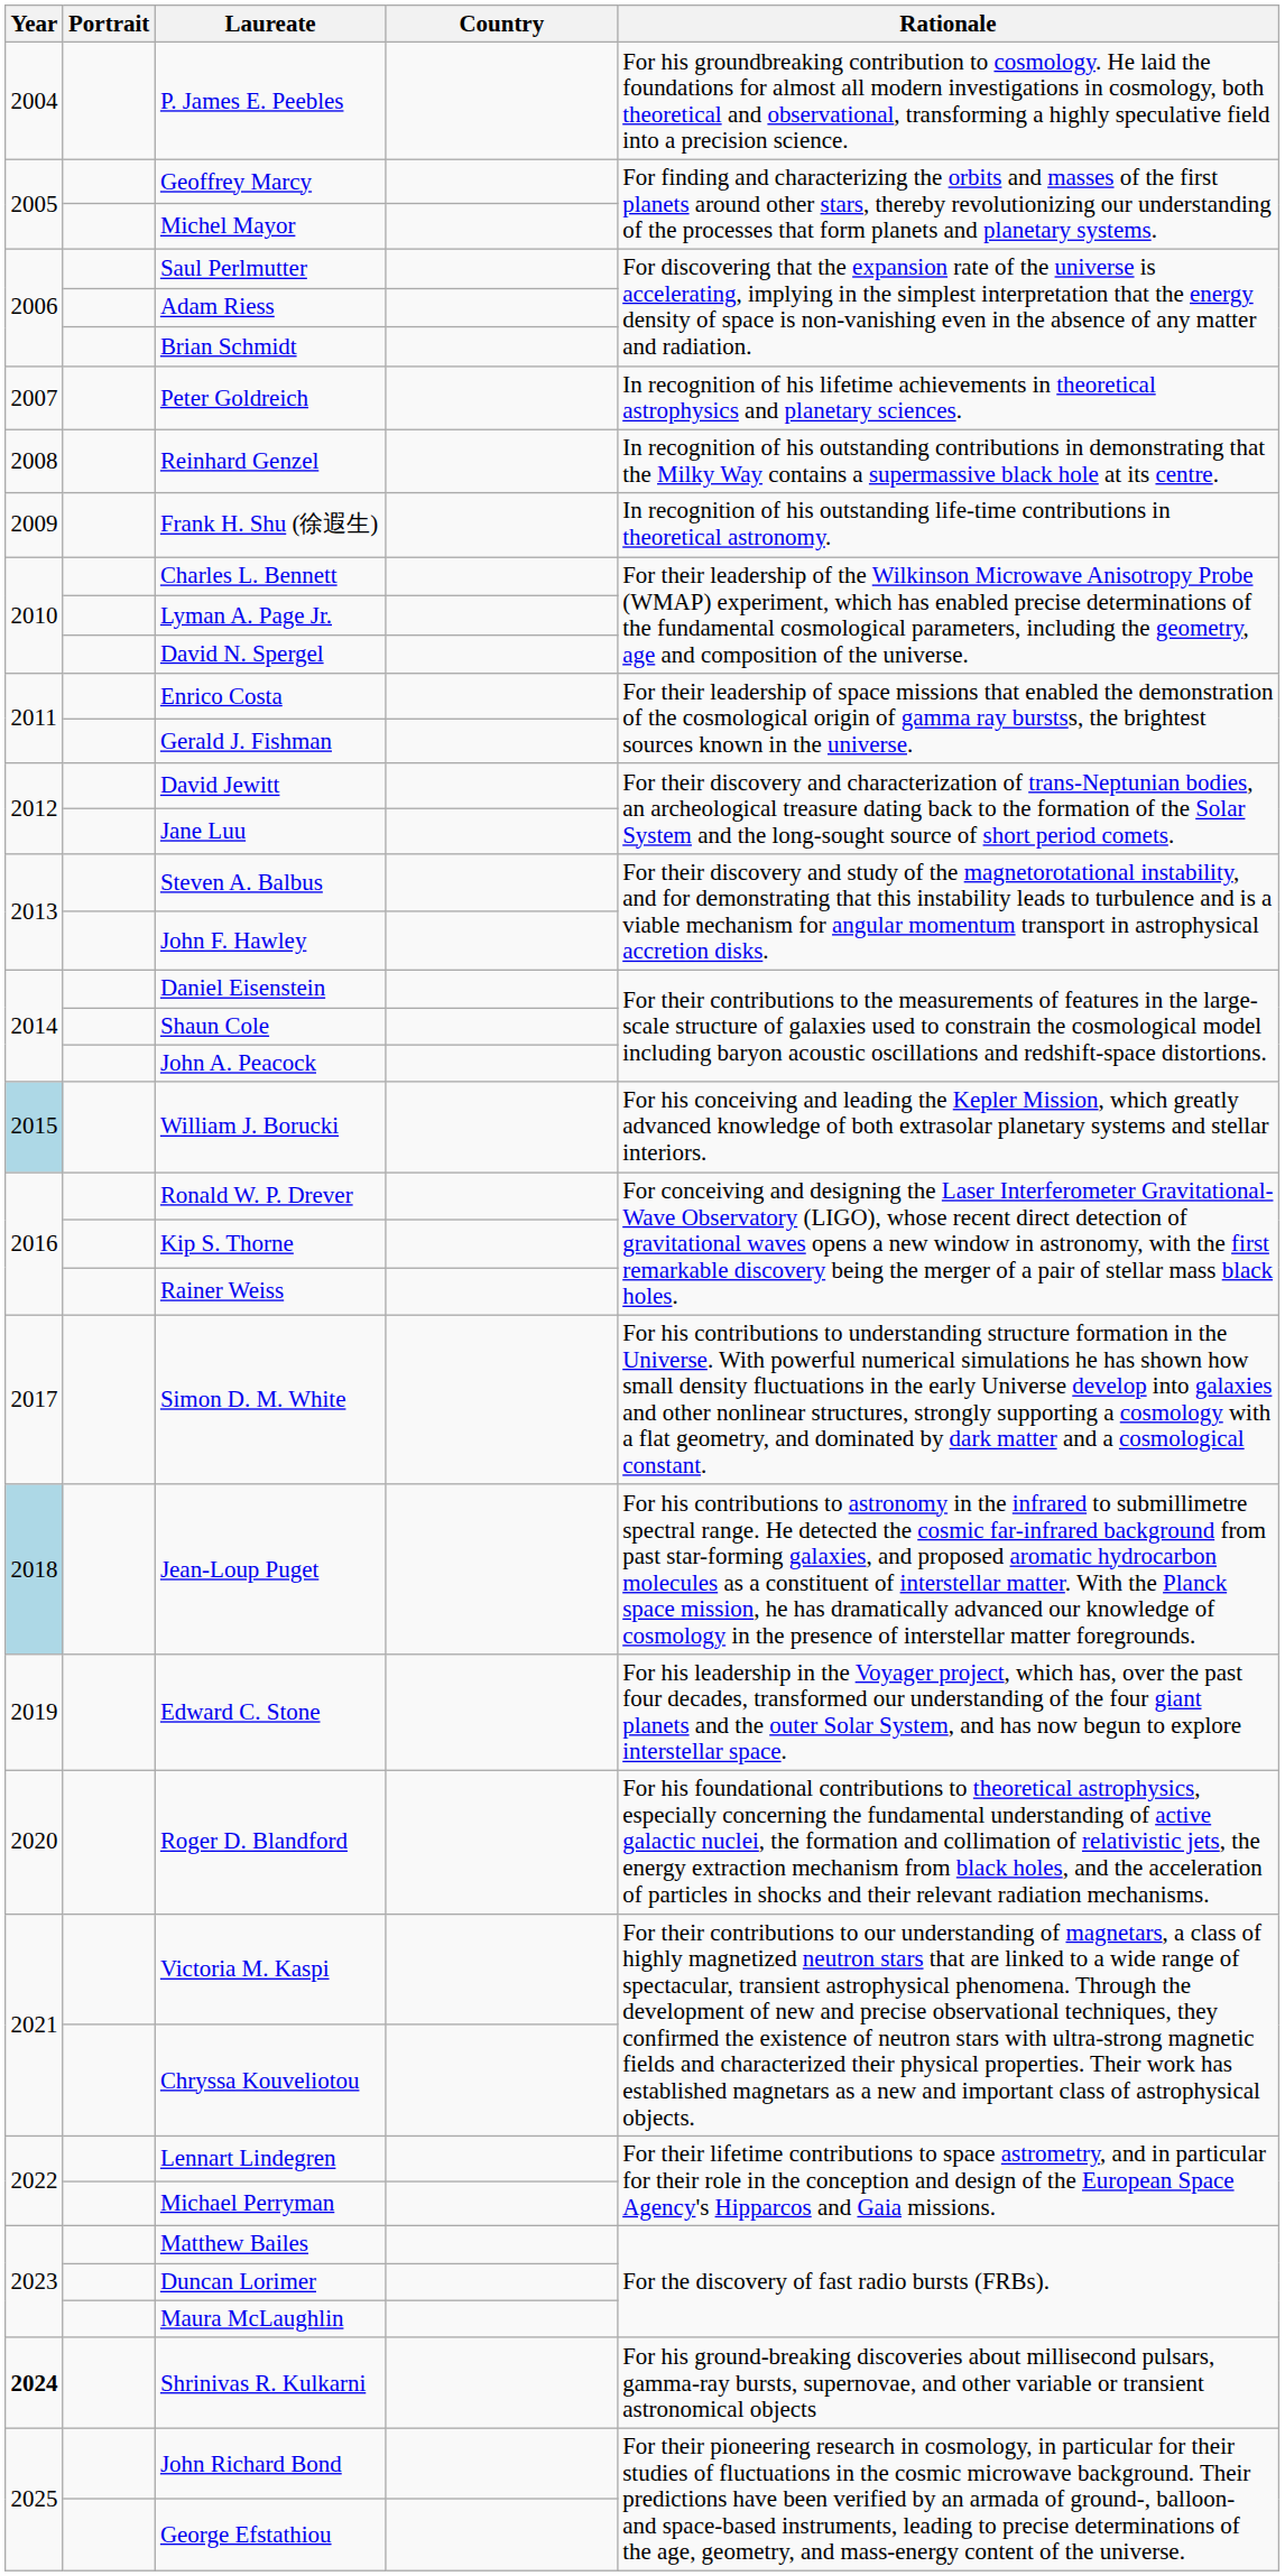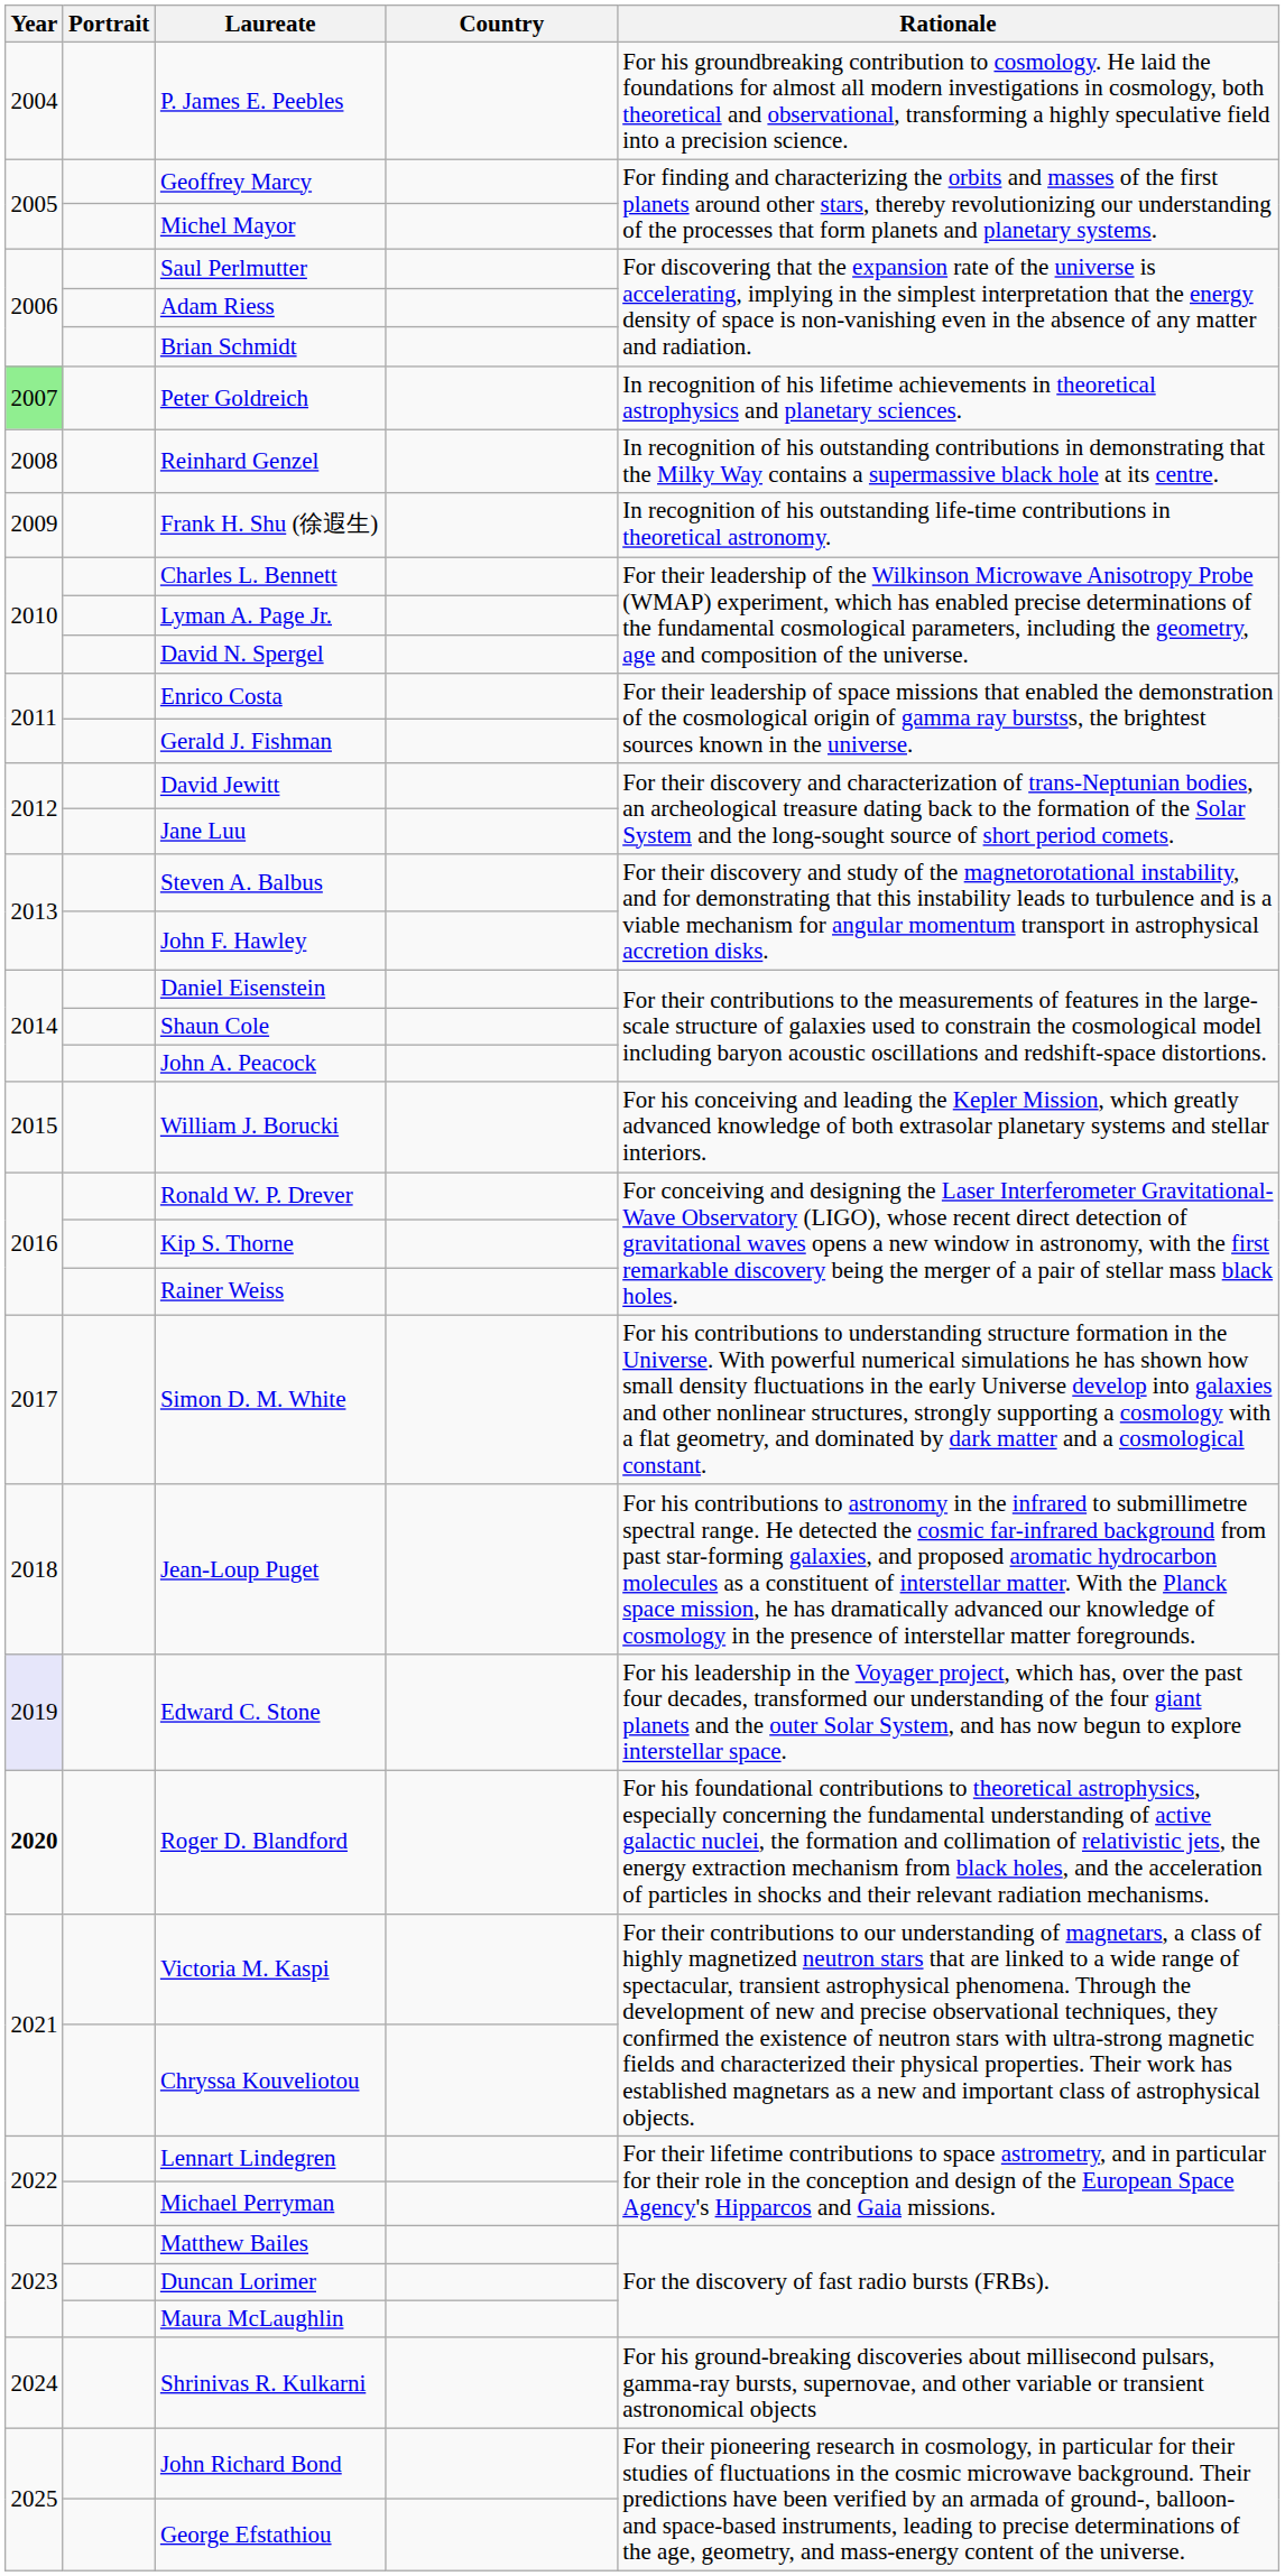 <table class="wikitable sortable">
 <tr>
 <th>Year</th>
 <th class="unsortable">Portrait</th>
 <th style="width:150px">Laureate</th>
 <th style="width:150px">Country</th>
 <th class="unsortable">Rationale</th>
 </tr>
 <tr>
 <td>2004</td>
 <td></td>
 <td data-sort-value="Peebles"><a href='#'>P. James E. Peebles</a></td>
 <td></td>
 <td>For his groundbreaking contribution to <a href='#'>cosmology</a>. He laid the foundations for almost all modern investigations in cosmology, both <a href='#'>theoretical</a> and <a href='#'>observational</a>, transforming a highly speculative field into a precision science.</td>
 </tr>
 <tr>
 <td rowspan=2>2005</td>
 <td></td>
 <td data-sort-value="Marcy"><a href='#'>Geoffrey Marcy</a></td>
 <td></td>
 <td rowspan=2>For finding and characterizing the <a href='#'>orbits</a> and <a href='#'>masses</a> of the first <a href='#'>planets</a> around other <a href='#'>stars</a>, thereby revolutionizing our understanding of the processes that form planets and <a href='#'>planetary systems</a>.</td>
 </tr>
 <tr>
 <td></td>
 <td data-sort-value="Mayor"><a href='#'>Michel Mayor</a></td>
 <td></td>
 </tr>
 <tr>
 <td rowspan=3>2006</td>
 <td></td>
 <td data-sort-value="Perlmutter"><a href='#'>Saul Perlmutter</a></td>
 <td></td>
 <td rowspan=3>For discovering that the <a href='#'>expansion</a> rate of the <a href='#'>universe</a> is <a href='#'>accelerating</a>, implying in the simplest interpretation that the <a href='#'>energy</a> density of space is non-vanishing even in the absence of any matter and radiation.</td>
 </tr>
 <tr>
 <td></td>
 <td data-sort-value="Riess"><a href='#'>Adam Riess</a></td>
 <td></td>
 </tr>
 <tr>
 <td></td>
 <td data-sort-value="Schmidt"><a href='#'>Brian Schmidt</a></td>
 <td></td>
 </tr>
 <tr>
-<td>2007</td>
+<td style="background: lightgreen;">2007</td>
 <td></td>
 <td data-sort-value="Goldreich"><a href='#'>Peter Goldreich</a></td>
 <td></td>
 <td>In recognition of his lifetime achievements in <a href='#'>theoretical astrophysics</a> and <a href='#'>planetary sciences</a>.</td>
 </tr>
 <tr>
 <td>2008</td>
 <td></td>
 <td data-sort-value="Genzel"><a href='#'>Reinhard Genzel</a></td>
 <td></td>
 <td>In recognition of his outstanding contributions in demonstrating that the <a href='#'>Milky Way</a> contains a <a href='#'>supermassive black hole</a> at its <a href='#'>centre</a>.</td>
 </tr>
 <tr>
 <td>2009</td>
 <td></td>
 <td data-sort-value="Shu"><a href='#'>Frank H. Shu</a> (徐遐生)</td>
 <td></td>
 <td>In recognition of his outstanding life-time contributions in <a href='#'>theoretical astronomy</a>.</td>
 </tr>
 <tr>
 <td rowspan=3>2010</td>
 <td></td>
 <td data-sort-value="Bennett"><a href='#'>Charles L. Bennett</a></td>
 <td></td>
 <td rowspan=3>For their leadership of the <a href='#'>Wilkinson Microwave Anisotropy Probe</a> (WMAP) experiment, which has enabled precise determinations of the fundamental cosmological parameters, including the <a href='#'>geometry</a>, <a href='#'>age</a> and composition of the universe.</td>
 </tr>
 <tr>
 <td></td>
 <td data-sort-value"Lyman"><a href='#'>Lyman A. Page Jr.</a></td>
 <td></td>
 </tr>
 <tr>
 <td></td>
 <td data-sort-value="Spergel"><a href='#'>David N. Spergel</a></td>
 <td></td>
 </tr>
 <tr>
 <td rowspan=2>2011</td>
 <td></td>
 <td data-sort-value="Costa"><a href='#'>Enrico Costa</a></td>
 <td></td>
 <td rowspan=2>For their leadership of space missions that enabled the demonstration of the cosmological origin of <a href='#'>gamma ray bursts</a>s, the brightest sources known in the <a href='#'>universe</a>.</td>
 </tr>
 <tr>
 <td></td>
 <td data-sort-value="Fishman"><a href='#'>Gerald J. Fishman</a></td>
 <td></td>
 </tr>
 <tr>
 <td rowspan=2>2012</td>
 <td></td>
 <td data-sort-value="Jewitt"><a href='#'>David Jewitt</a></td>
 <td></td>
 <td rowspan=2>For their discovery and characterization of <a href='#'>trans-Neptunian bodies</a>, an archeological treasure dating back to the formation of the <a href='#'>Solar System</a> and the long-sought source of <a href='#'>short period comets</a>.</td>
 </tr>
 <tr>
 <td></td>
 <td data-sort-value="Luu"><a href='#'>Jane Luu</a></td>
 <td></td>
 </tr>
 <tr>
 <td rowspan=2>2013</td>
 <td></td>
 <td data-sort-value="Balbus"><a href='#'>Steven A. Balbus</a></td>
 <td></td>
 <td rowspan=2>For their discovery and study of the <a href='#'>magnetorotational instability</a>, and for demonstrating that this instability leads to turbulence and is a viable mechanism for <a href='#'>angular momentum</a> transport in astrophysical <a href='#'>accretion disks</a>.</td>
 </tr>
 <tr>
 <td></td>
 <td data-sort-value="Hawley"><a href='#'>John F. Hawley</a></td>
 <td></td>
 </tr>
 <tr>
 <td rowspan=3>2014</td>
 <td></td>
 <td data-sort-value="Eisenstein"><a href='#'>Daniel Eisenstein</a></td>
 <td></td>
 <td rowspan=3>For their contributions to the measurements of features in the large-scale structure of galaxies used to constrain the cosmological model including baryon acoustic oscillations and redshift-space distortions.</td>
 </tr>
 <tr>
 <td></td>
 <td data-sort-value="Cole"><a href='#'>Shaun Cole</a></td>
 <td></td>
 </tr>
 <tr>
 <td></td>
 <td data-sort-value="Peacock"><a href='#'>John A. Peacock</a></td>
 <td></td>
 </tr>
 <tr>
-<td style="background: lightblue;">2015</td>
+<td>2015</td>
 <td></td>
 <td data-sort-name="Borucki"><a href='#'>William J. Borucki</a></td>
 <td></td>
 <td>For his conceiving and leading the <a href='#'>Kepler Mission</a>, which greatly advanced knowledge of both extrasolar planetary systems and stellar interiors.</td>
 </tr>
 <tr>
 <td rowspan=3>2016</td>
 <td></td>
 <td data-sort-value="Drever"><a href='#'>Ronald W. P. Drever</a></td>
 <td></td>
 <td rowspan=3>For conceiving and designing the <a href='#'>Laser Interferometer Gravitational-Wave Observatory</a> (LIGO), whose recent direct detection of <a href='#'>gravitational waves</a> opens a new window in astronomy, with the <a href='#'>first remarkable discovery</a> being the merger of a pair of stellar mass <a href='#'>black holes</a>.</td>
 </tr>
 <tr>
 <td></td>
 <td data-sort-value="Thorne"><a href='#'>Kip S. Thorne</a></td>
 <td></td>
 </tr>
 <tr>
 <td></td>
 <td data-sort-value="Weiss"><a href='#'>Rainer Weiss</a></td>
 <td></td>
 </tr>
 <tr>
 <td>2017</td>
 <td></td>
 <td data-sort-value="White"><a href='#'>Simon D. M. White</a></td>
 <td></td>
 <td>For his contributions to understanding structure formation in the <a href='#'>Universe</a>. With powerful numerical simulations he has shown how small density fluctuations in the early Universe <a href='#'>develop</a> into <a href='#'>galaxies</a> and other nonlinear structures, strongly supporting a <a href='#'>cosmology</a> with a flat geometry, and dominated by <a href='#'>dark matter</a> and a <a href='#'>cosmological constant</a>.</td>
 </tr>
 <tr>
-<td style="background: lightblue;">2018</td>
+<td>2018</td>
 <td></td>
 <td data-sort-value="Puget"><a href='#'>Jean-Loup Puget</a></td>
 <td></td>
 <td>For his contributions to <a href='#'>astronomy</a> in the <a href='#'>infrared</a> to submillimetre spectral range. He detected the <a href='#'>cosmic far-infrared background</a> from past star-forming <a href='#'>galaxies</a>, and proposed <a href='#'>aromatic hydrocarbon</a> <a href='#'>molecules</a> as a constituent of <a href='#'>interstellar matter</a>. With the <a href='#'>Planck space mission</a>, he has dramatically advanced our knowledge of <a href='#'>cosmology</a> in the presence of interstellar matter foregrounds.</td>
 </tr>
 <tr>
-<td>2019</td>
+<td style="background: lavender;">2019</td>
 <td></td>
 <td data-sort-value="Stone"><a href='#'>Edward C. Stone</a></td>
 <td></td>
 <td>For his leadership in the <a href='#'>Voyager project</a>, which has, over the past four decades, transformed our understanding of the four <a href='#'>giant planets</a> and the <a href='#'>outer Solar System</a>, and has now begun to explore <a href='#'>interstellar space</a>.</td>
 </tr>
 <tr>
-<td>2020</td>
+<td><strong>2020</strong></td>
 <td></td>
 <td data-sort-value="Blandford"><a href='#'>Roger D. Blandford</a></td>
 <td></td>
 <td>For his foundational contributions to <a href='#'>theoretical astrophysics</a>, especially concerning the fundamental understanding of <a href='#'>active galactic nuclei</a>, the formation and collimation of <a href='#'>relativistic jets</a>, the energy extraction mechanism from <a href='#'>black holes</a>, and the acceleration of particles in shocks and their relevant radiation mechanisms.</td>
 </tr>
 <tr>
 <td rowspan=2>2021</td>
 <td></td>
 <td data-sort-value="Kaspi"><a href='#'>Victoria M. Kaspi</a></td>
 <td></td>
 <td rowspan=2>For their contributions to our understanding of <a href='#'>magnetars</a>, a class of highly magnetized <a href='#'>neutron stars</a> that are linked to a wide range of spectacular, transient astrophysical phenomena. Through the development of new and precise observational techniques, they confirmed the existence of neutron stars with ultra-strong magnetic fields and characterized their physical properties. Their work has established magnetars as a new and important class of astrophysical objects.</td>
 </tr>
 <tr>
 <td></td>
 <td data-sort-value="Kouveliotou"><a href='#'>Chryssa Kouveliotou</a></td>
 <td></td>
 </tr>
 <tr>
 <td rowspan=2>2022</td>
 <td></td>
 <td data-sort-value="Lindegren"><a href='#'>Lennart Lindegren</a></td>
 <td></td>
 <td rowspan=2>For their lifetime contributions to space <a href='#'>astrometry</a>, and in particular for their role in the conception and design of the <a href='#'>European Space Agency</a>'s <a href='#'>Hipparcos</a> and <a href='#'>Gaia</a> missions.</td>
 </tr>
 <tr>
 <td></td>
 <td data-sort-value="Perryman"><a href='#'>Michael Perryman</a></td>
 <td></td>
 </tr>
 <tr>
 <td rowspan=3>2023</td>
 <td></td>
 <td data-sort-value="Bailes"><a href='#'>Matthew Bailes</a></td>
 <td></td>
 <td rowspan=3>For the discovery of fast radio bursts (FRBs).</td>
 </tr>
 <tr>
 <td></td>
 <td data-sort-value="Lorimer"><a href='#'>Duncan Lorimer</a></td>
 <td></td>
 </tr>
 <tr>
 <td></td>
 <td data-sort-value="McLaughlin"><a href='#'>Maura McLaughlin</a></td>
 <td></td>
 </tr>
 <tr>
-<td><strong>2024</strong></td>
+<td>2024</td>
 <td></td>
 <td data-sort-value="Kulkarni"><a href='#'>Shrinivas R. Kulkarni</a></td>
 <td></td>
 <td>For his ground-breaking discoveries about millisecond pulsars, gamma-ray bursts, supernovae, and other variable or transient astronomical objects</td>
 </tr>
 <tr>
 <td rowspan=2>2025</td>
 <td></td>
 <td data-sort-value="Bond"><a href='#'>John Richard Bond</a></td>
 <td></td>
 <td rowspan=2>For their pioneering research in cosmology, in particular for their studies of fluctuations in the cosmic microwave background. Their predictions have been verified by an armada of ground-, balloon- and space-based instruments, leading to precise determinations of the age, geometry, and mass-energy content of the universe.</td>
 </tr>
 <tr>
 <td></td>
 <td data-sort-value="Efstathiou"><a href='#'>George Efstathiou</a></td>
 <td></td>
 </tr>
 </table>
